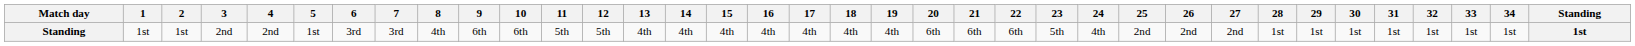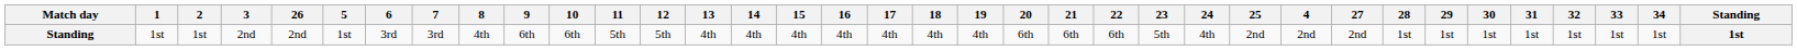 <table class="wikitable" style="width:100%; font-size:85%;">
 <tr valign=top>
 <th align=center>Match day</th>
 <th align=center>1</th>
 <th align=center>2</th>
 <th align=center>3</th>
-<th align=center>4</th>
+<th align=center>26</th>
 <th align=center>5</th>
 <th align=center>6</th>
 <th align=center>7</th>
 <th align=center>8</th>
 <th align=center>9</th>
 <th align=center>10</th>
 <th align=center>11</th>
 <th align=center>12</th>
 <th align=center>13</th>
 <th align=center>14</th>
 <th align=center>15</th>
 <th align=center>16</th>
 <th align=center>17</th>
 <th align=center>18</th>
 <th align=center>19</th>
 <th align=center>20</th>
 <th align=center>21</th>
 <th align=center>22</th>
 <th align=center>23</th>
 <th align=center>24</th>
 <th align=center>25</th>
-<th align=center>26</th>
+<th align=center>4</th>
 <th align=center>27</th>
 <th align=center>28</th>
 <th align=center>29</th>
 <th align=center>30</th>
 <th align=center>31</th>
 <th align=center>32</th>
 <th align=center>33</th>
 <th align=center>34</th>
 <th align=center><strong>Standing</strong></th>
 </tr>
 <tr>
 <th align=center>Standing</th>
 <td align=center>1st</td>
 <td align=center>1st</td>
 <td align=center>2nd</td>
 <td align=center>2nd</td>
 <td align=center>1st</td>
 <td align=center>3rd</td>
 <td align=center>3rd</td>
 <td align=center>4th</td>
 <td align=center>6th</td>
 <td align=center>6th</td>
 <td align=center>5th</td>
 <td align=center>5th</td>
 <td align=center>4th</td>
 <td align=center>4th</td>
 <td align=center>4th</td>
 <td align=center>4th</td>
 <td align=center>4th</td>
 <td align=center>4th</td>
 <td align=center>4th</td>
 <td align=center>6th</td>
 <td align=center>6th</td>
 <td align=center>6th</td>
 <td align=center>5th</td>
 <td align=center>4th</td>
 <td align=center>2nd</td>
 <td align=center>2nd</td>
 <td align=center>2nd</td>
 <td align=center>1st</td>
 <td align=center>1st</td>
 <td align=center>1st</td>
 <td align=center>1st</td>
 <td align=center>1st</td>
 <td align=center>1st</td>
 <td align=center>1st</td>
 <th align=center><strong>1st</strong></th>
 </tr>
 </table>
